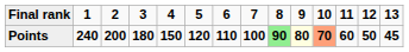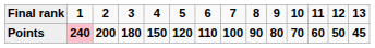 <table class="wikitable" style="font-weight:bold; text-align:center">
 <tr>
 <td align=left bgcolor=#efefef>Final rank</td>
 <td width=20>1</td>
 <td width=20>2</td>
 <td width=20>3</td>
 <td width=20>4</td>
 <td width=20>5</td>
 <td width=20>6</td>
 <td width=20>7</td>
 <td width=20>8</td>
 <td width=20>9</td>
 <td width=20>10</td>
 <td width=20>11</td>
 <td width=20>12</td>
 <td width=20>13</td>
 </tr>
 <tr>
 <td align=left bgcolor=#efefef>Points</td>
-<td width=20>240</td>
+<td width=20 style="background: pink;">240</td>
 <td width=20>200</td>
 <td width=20>180</td>
 <td width=20>150</td>
 <td width=20>120</td>
 <td width=20>110</td>
 <td width=20>100</td>
-<td width=20 style="background: lightgreen;">90</td>
-<td width=20 style="background: lightyellow;">80</td>
-<td width=20 style="background: lightsalmon;">70</td>
+<td width=20>90</td>
+<td width=20>80</td>
+<td width=20>70</td>
 <td width=20>60</td>
 <td width=20>50</td>
 <td width=20>45</td>
 </tr>
 </table>
